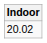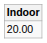 <table class="wikitable" border="1" align="upright">
 <tr>
 <th>Indoor</th>
 </tr>
 <tr>
-<td>20.02</td>
+<td>20.00</td>
 </tr>
 </table>
